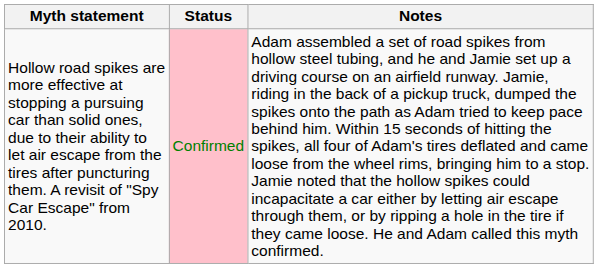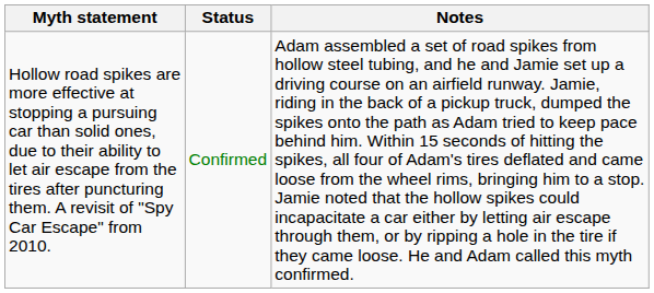 <table class="wikitable plainrowheaders">
 <tr>
 <th>Myth statement</th>
 <th>Status</th>
 <th>Notes</th>
 </tr>
 <tr>
 <td>Hollow road spikes are more effective at stopping a pursuing car than solid ones, due to their ability to let air escape from the tires after puncturing them. A revisit of "Spy Car Escape" from 2010.</td>
-<td style="background: pink; color:green">Confirmed</td>
+<td style="color:green">Confirmed</td>
 <td>Adam assembled a set of road spikes from hollow steel tubing, and he and Jamie set up a driving course on an airfield runway. Jamie, riding in the back of a pickup truck, dumped the spikes onto the path as Adam tried to keep pace behind him. Within 15 seconds of hitting the spikes, all four of Adam's tires deflated and came loose from the wheel rims, bringing him to a stop. Jamie noted that the hollow spikes could incapacitate a car either by letting air escape through them, or by ripping a hole in the tire if they came loose. He and Adam called this myth confirmed.</td>
 </tr>
 </table>
